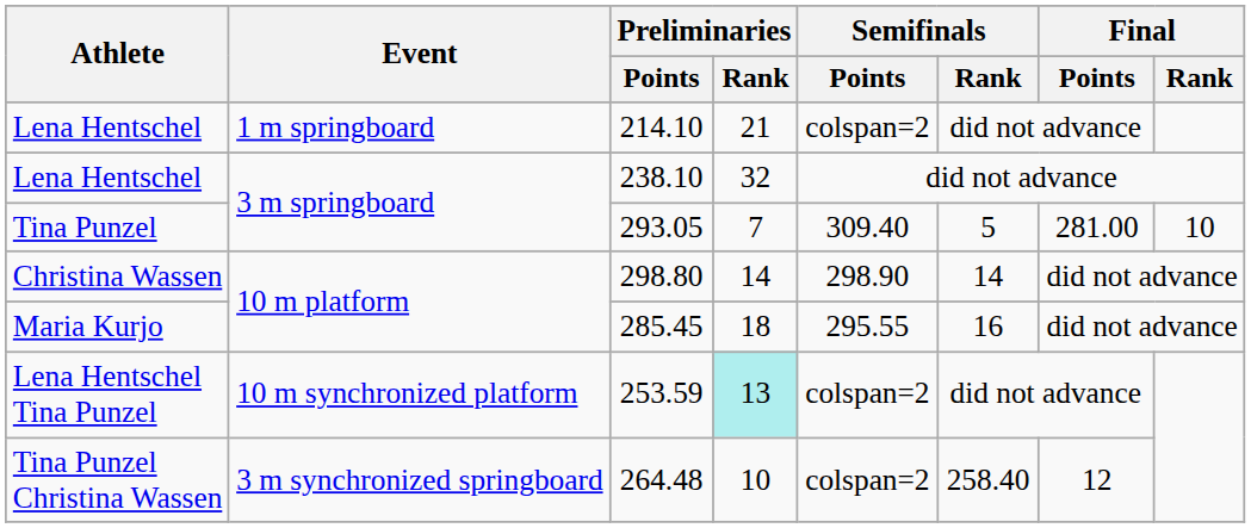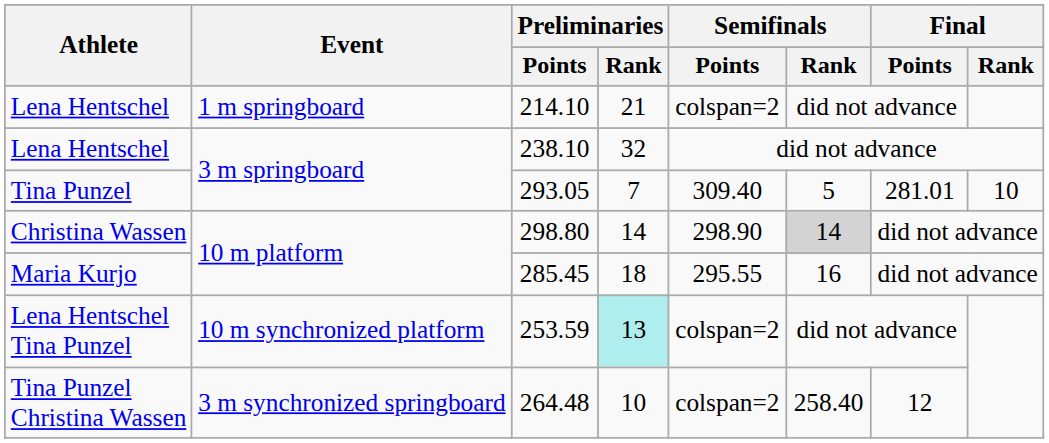 <table class=wikitable style="font-size:90%;">
 <tr>
 <th rowspan="2">Athlete</th>
 <th rowspan="2">Event</th>
 <th colspan="2">Preliminaries</th>
 <th colspan="2">Semifinals</th>
 <th colspan="2">Final</th>
 </tr>
 <tr style="font-size:95%">
 <th>Points</th>
 <th>Rank</th>
 <th>Points</th>
 <th>Rank</th>
 <th>Points</th>
 <th>Rank</th>
 </tr>
 <tr align=center>
 <td align=left><a href='#'>Lena Hentschel</a></td>
 <td align=left><a href='#'>1 m springboard</a></td>
 <td>214.10</td>
 <td>21</td>
 <td>colspan=2 </td>
 <td colspan=2>did not advance</td>
 </tr>
 <tr align=center>
 <td align=left><a href='#'>Lena Hentschel</a></td>
 <td align=left rowspan=2><a href='#'>3 m springboard</a></td>
 <td>238.10</td>
 <td>32</td>
 <td colspan=4>did not advance</td>
 </tr>
 <tr align=center>
 <td align=left><a href='#'>Tina Punzel</a></td>
 <td>293.05</td>
 <td>7</td>
 <td>309.40</td>
 <td>5</td>
-<td>281.00</td>
+<td>281.01</td>
 <td>10</td>
 </tr>
 <tr align=center>
 <td align=left><a href='#'>Christina Wassen</a></td>
 <td align=left rowspan=2><a href='#'>10 m platform</a></td>
 <td>298.80</td>
 <td>14</td>
 <td>298.90</td>
-<td>14</td>
+<td style="background: lightgrey;">14</td>
 <td colspan=2>did not advance</td>
 </tr>
 <tr align=center>
 <td align=left><a href='#'>Maria Kurjo</a></td>
 <td>285.45</td>
 <td>18</td>
 <td>295.55</td>
 <td>16</td>
 <td colspan=2>did not advance</td>
 </tr>
 <tr align=center>
 <td align=left><a href='#'>Lena Hentschel</a><br><a href='#'>Tina Punzel</a></td>
 <td align=left><a href='#'>10 m synchronized platform</a></td>
 <td>253.59</td>
 <td style="background: paleturquoise;">13</td>
 <td>colspan=2 </td>
 <td colspan=2>did not advance</td>
 </tr>
 <tr align=center>
 <td align=left><a href='#'>Tina Punzel</a><br><a href='#'>Christina Wassen</a></td>
 <td align=left><a href='#'>3 m synchronized springboard</a></td>
 <td>264.48</td>
 <td>10</td>
 <td>colspan=2 </td>
 <td>258.40</td>
 <td>12</td>
 </tr>
 </table>
